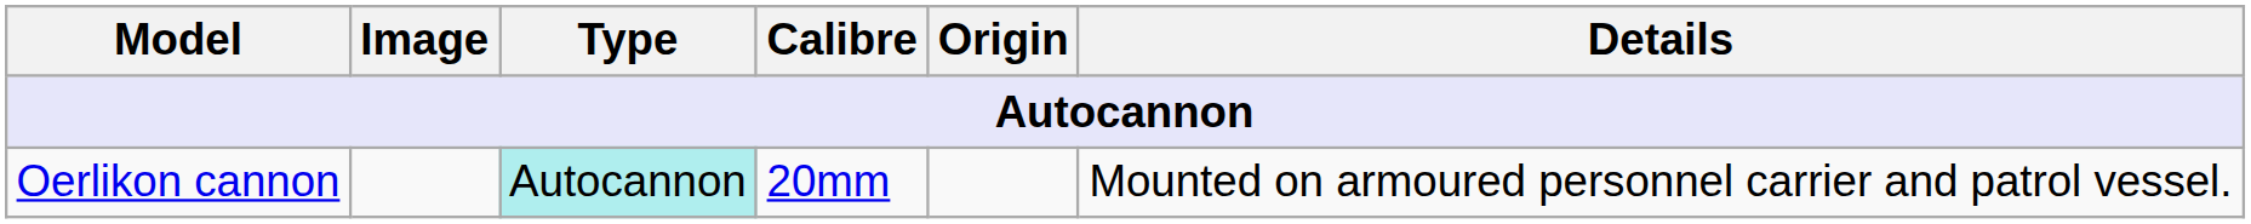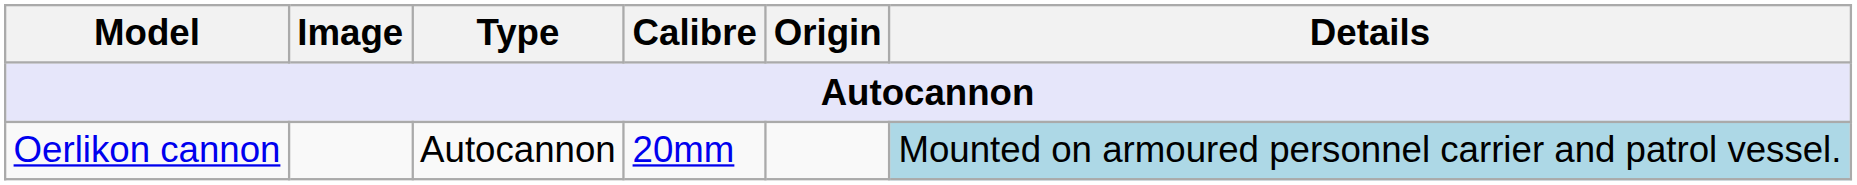 <table class="wikitable">
 <tr>
 <th style="text-align: center;">Model</th>
 <th style="text-align: center;">Image</th>
 <th style="text-align: center;">Type</th>
 <th style="text-align: center;">Calibre</th>
 <th style="text-align: center;">Origin</th>
 <th style="text-align: center;">Details</th>
 </tr>
 <tr>
 <th colspan="7" style="background: lavender;">Autocannon</th>
 </tr>
 <tr>
 <td><a href='#'>Oerlikon cannon</a></td>
 <td></td>
-<td style="background: paleturquoise;">Autocannon</td>
+<td>Autocannon</td>
 <td><a href='#'>20mm</a></td>
 <td></td>
-<td>Mounted on armoured personnel carrier and patrol vessel.</td>
+<td style="background: lightblue;">Mounted on armoured personnel carrier and patrol vessel.</td>
 </tr>
 </table>
